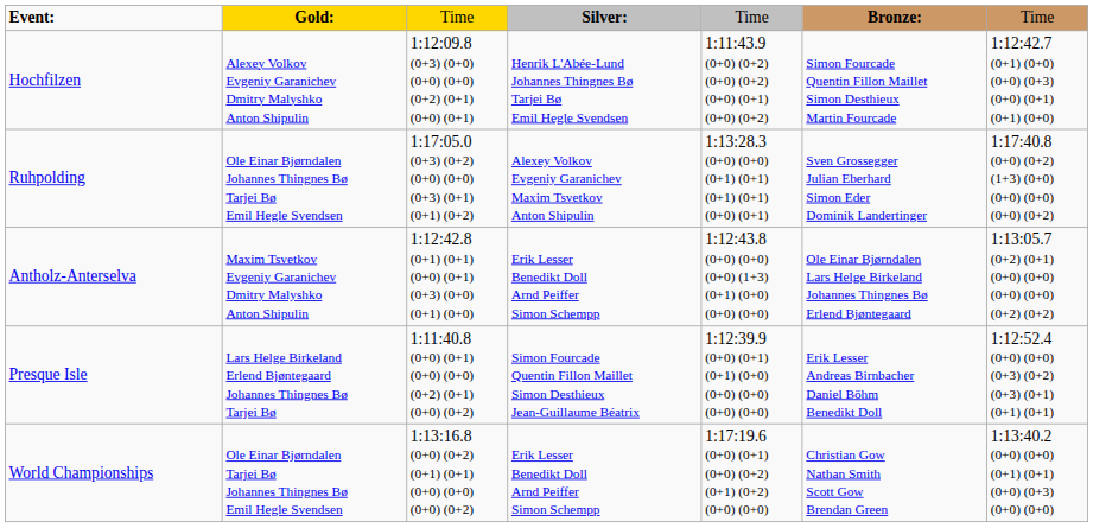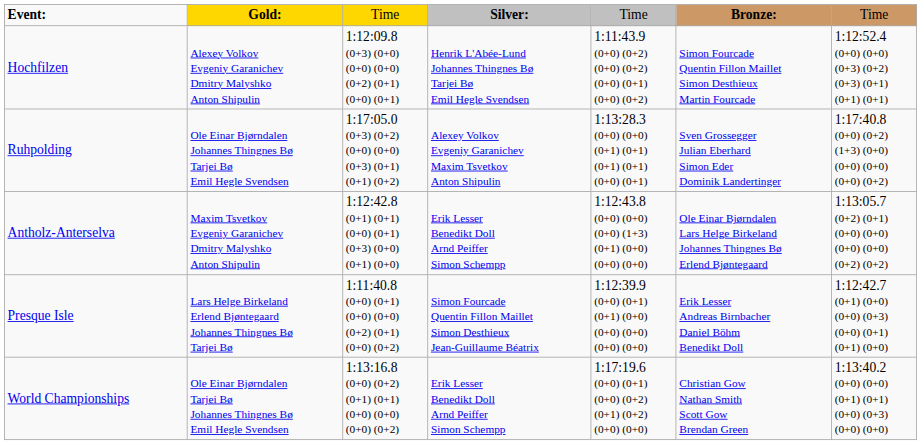 <table class="wikitable" width=85%>
 <tr>
 <td><strong>Event:</strong></td>
 <td style="text-align:center;background-color:gold;"><strong>Gold:</strong></td>
 <td style="text-align:center;background-color:gold;">Time</td>
 <td style="text-align:center;background-color:silver;"><strong>Silver:</strong></td>
 <td style="text-align:center;background-color:silver;">Time</td>
 <td style="text-align:center;background-color:#CC9966;"><strong>Bronze:</strong></td>
 <td style="text-align:center;background-color:#CC9966;">Time</td>
 </tr>
 <tr>
 <td><a href='#'>Hochfilzen</a><br></td>
 <td><strong></strong><br><small><a href='#'>Alexey Volkov</a><br><a href='#'>Evgeniy Garanichev</a><br><a href='#'>Dmitry Malyshko</a><br><a href='#'>Anton Shipulin</a></small></td>
 <td>1:12:09.8<br><small>(0+3) (0+0)<br>(0+0) (0+0)<br>(0+2) (0+1)<br>(0+0) (0+1)</small></td>
 <td><br><small><a href='#'>Henrik L'Abée-Lund</a><br><a href='#'>Johannes Thingnes Bø</a><br><a href='#'>Tarjei Bø</a><br><a href='#'>Emil Hegle Svendsen</a></small></td>
 <td>1:11:43.9<br><small>(0+0) (0+2)<br>(0+0) (0+2)<br>(0+0) (0+1)<br>(0+0) (0+2)</small></td>
 <td><br><small><a href='#'>Simon Fourcade</a><br><a href='#'>Quentin Fillon Maillet</a><br><a href='#'>Simon Desthieux</a><br><a href='#'>Martin Fourcade</a></small></td>
-<td>1:12:42.7<br><small>(0+1) (0+0)<br>(0+0) (0+3)<br>(0+0) (0+1)<br>(0+1) (0+0)</small></td>
+<td>1:12:52.4<br><small>(0+0) (0+0)<br>(0+3) (0+2)<br>(0+3) (0+1)<br>(0+1) (0+1)</small></td>
 </tr>
 <tr>
 <td><a href='#'>Ruhpolding</a><br></td>
 <td><strong></strong><br><small><a href='#'>Ole Einar Bjørndalen</a><br><a href='#'>Johannes Thingnes Bø</a><br><a href='#'>Tarjei Bø</a><br><a href='#'>Emil Hegle Svendsen</a></small></td>
 <td>1:17:05.0<br><small>(0+3) (0+2)<br>(0+0) (0+0)<br>(0+3) (0+1)<br>(0+1) (0+2)</small></td>
 <td><br><small><a href='#'>Alexey Volkov</a><br><a href='#'>Evgeniy Garanichev</a><br><a href='#'>Maxim Tsvetkov</a><br><a href='#'>Anton Shipulin</a></small></td>
 <td>1:13:28.3<br><small>(0+0) (0+0)<br>(0+1) (0+1)<br>(0+1) (0+1)<br>(0+0) (0+1)</small></td>
 <td><br><small><a href='#'>Sven Grossegger</a><br><a href='#'>Julian Eberhard</a><br><a href='#'>Simon Eder</a><br><a href='#'>Dominik Landertinger</a></small></td>
 <td>1:17:40.8<br><small>(0+0) (0+2)<br>(1+3) (0+0)<br>(0+0) (0+0)<br>(0+0) (0+2)</small></td>
 </tr>
 <tr>
 <td><a href='#'>Antholz-Anterselva</a><br></td>
 <td><strong></strong><br><small><a href='#'>Maxim Tsvetkov</a><br><a href='#'>Evgeniy Garanichev</a><br><a href='#'>Dmitry Malyshko</a><br><a href='#'>Anton Shipulin</a></small></td>
 <td>1:12:42.8<br><small>(0+1) (0+1)<br>(0+0) (0+1)<br>(0+3) (0+0)<br>(0+1) (0+0)</small></td>
 <td><br><small><a href='#'>Erik Lesser</a><br><a href='#'>Benedikt Doll</a><br><a href='#'>Arnd Peiffer</a><br><a href='#'>Simon Schempp</a></small></td>
 <td>1:12:43.8<br><small>(0+0) (0+0)<br>(0+0) (1+3)<br>(0+1) (0+0)<br>(0+0) (0+0)</small></td>
 <td><br><small><a href='#'>Ole Einar Bjørndalen</a><br><a href='#'>Lars Helge Birkeland</a><br><a href='#'>Johannes Thingnes Bø</a><br><a href='#'>Erlend Bjøntegaard</a></small></td>
 <td>1:13:05.7<br><small>(0+2) (0+1)<br>(0+0) (0+0)<br>(0+0) (0+0)<br>(0+2) (0+2)</small></td>
 </tr>
 <tr>
 <td><a href='#'>Presque Isle</a><br></td>
 <td><strong></strong><br><small><a href='#'>Lars Helge Birkeland</a><br><a href='#'>Erlend Bjøntegaard</a><br><a href='#'>Johannes Thingnes Bø</a><br><a href='#'>Tarjei Bø</a></small></td>
 <td>1:11:40.8<br><small>(0+0) (0+1)<br>(0+0) (0+0)<br>(0+2) (0+1)<br>(0+0) (0+2)</small></td>
 <td><br><small><a href='#'>Simon Fourcade</a><br><a href='#'>Quentin Fillon Maillet</a><br><a href='#'>Simon Desthieux</a><br><a href='#'>Jean-Guillaume Béatrix</a></small></td>
 <td>1:12:39.9<br><small>(0+0) (0+1)<br>(0+1) (0+0)<br>(0+0) (0+0)<br>(0+0) (0+0)</small></td>
 <td><br><small><a href='#'>Erik Lesser</a><br><a href='#'>Andreas Birnbacher</a><br><a href='#'>Daniel Böhm</a><br><a href='#'>Benedikt Doll</a></small></td>
-<td>1:12:52.4<br><small>(0+0) (0+0)<br>(0+3) (0+2)<br>(0+3) (0+1)<br>(0+1) (0+1)</small></td>
+<td>1:12:42.7<br><small>(0+1) (0+0)<br>(0+0) (0+3)<br>(0+0) (0+1)<br>(0+1) (0+0)</small></td>
 </tr>
 <tr>
 <td><a href='#'>World Championships</a><br></td>
 <td><strong></strong><br><small><a href='#'>Ole Einar Bjørndalen</a><br><a href='#'>Tarjei Bø</a><br><a href='#'>Johannes Thingnes Bø</a><br><a href='#'>Emil Hegle Svendsen</a></small></td>
 <td>1:13:16.8<br><small>(0+0) (0+2)<br>(0+1) (0+1)<br>(0+0) (0+0)<br>(0+0) (0+2)</small></td>
 <td><br><small><a href='#'>Erik Lesser</a><br><a href='#'>Benedikt Doll</a><br><a href='#'>Arnd Peiffer</a><br><a href='#'>Simon Schempp</a></small></td>
 <td>1:17:19.6<br><small>(0+0) (0+1)<br>(0+0) (0+2)<br>(0+1) (0+2)<br>(0+0) (0+0)</small></td>
 <td><br><small><a href='#'>Christian Gow</a><br><a href='#'>Nathan Smith</a><br><a href='#'>Scott Gow</a><br><a href='#'>Brendan Green</a></small></td>
 <td>1:13:40.2<br><small>(0+0) (0+0)<br>(0+1) (0+1)<br>(0+0) (0+3)<br>(0+0) (0+0)</small></td>
 </tr>
 </table>
